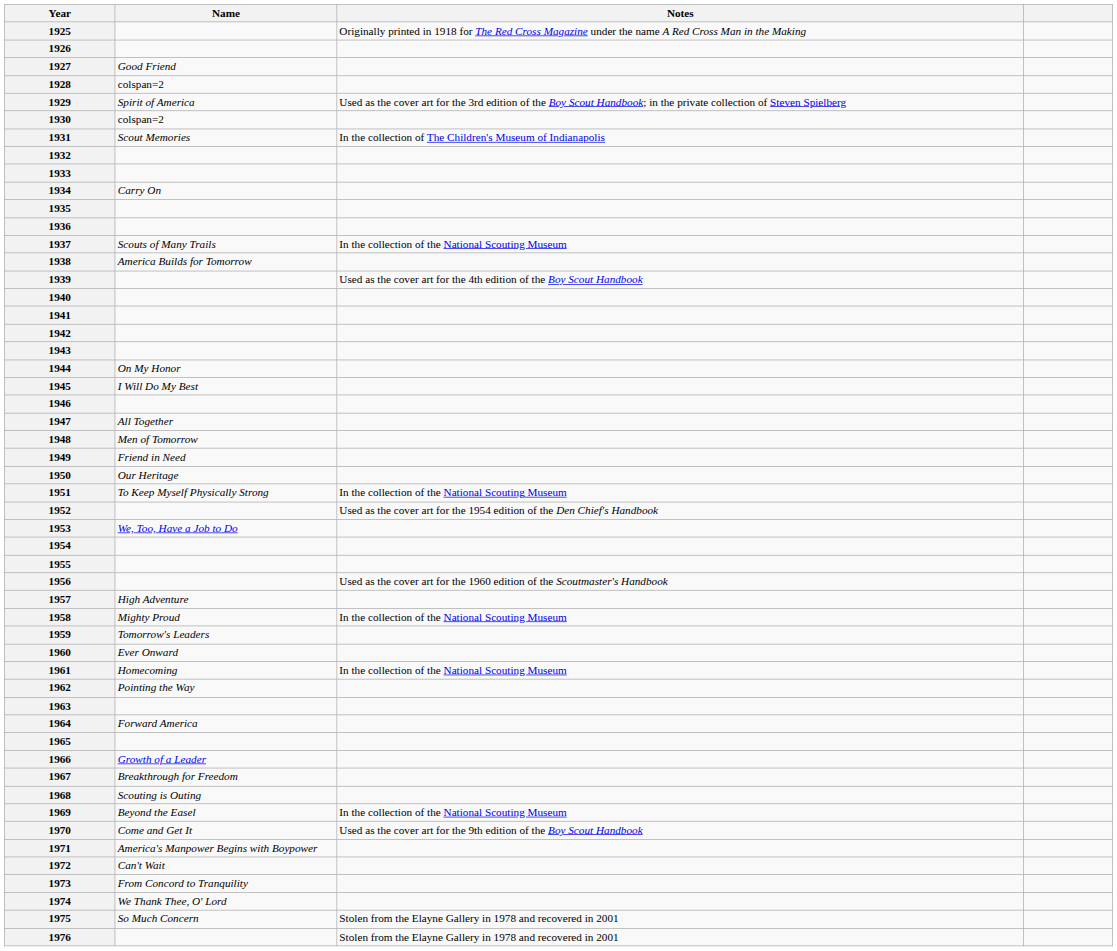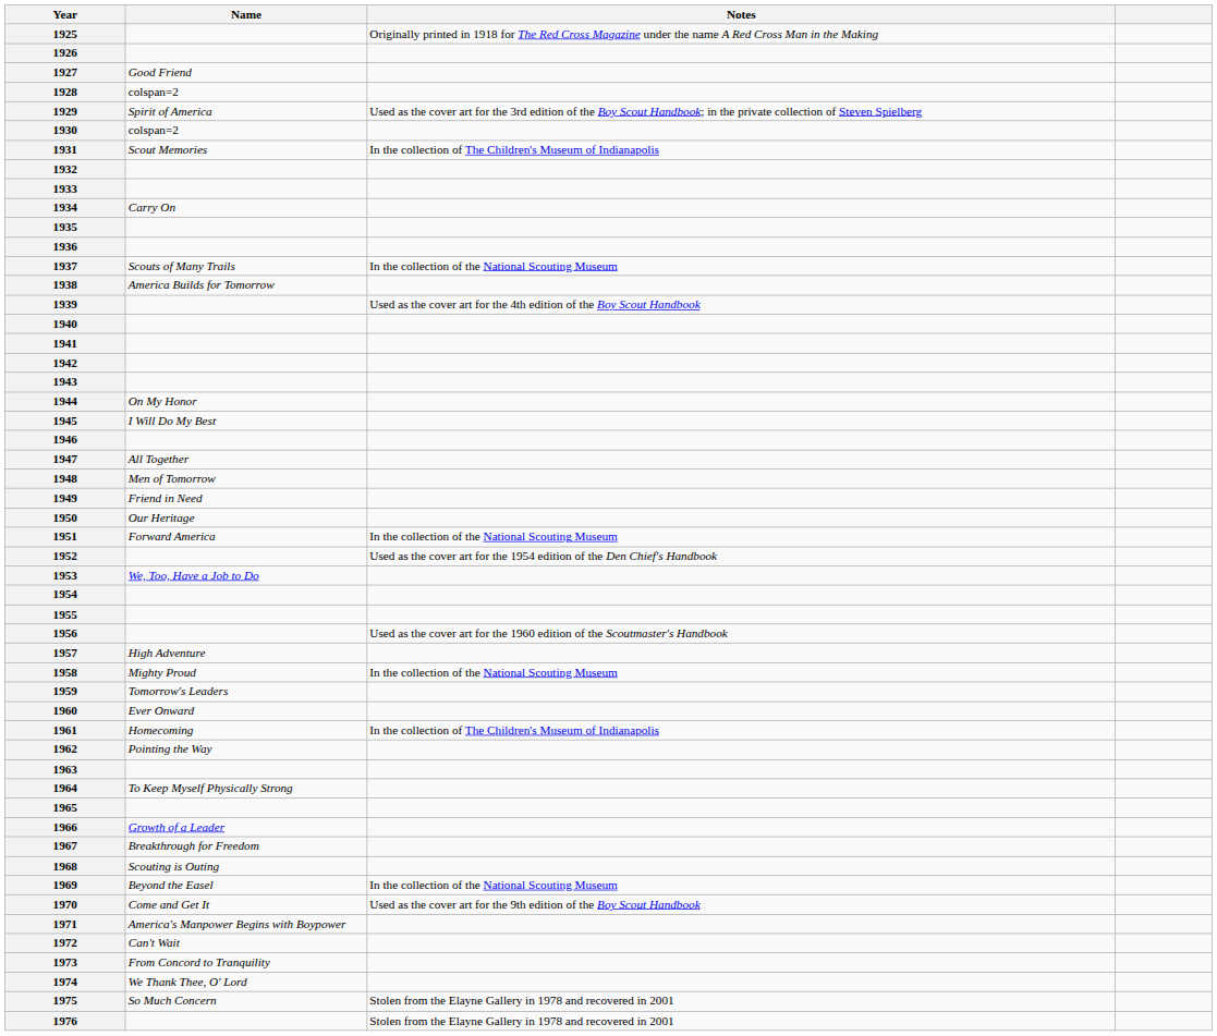 <table class="wikitable sortable" style="width:100%;">
 <tr>
 <th scope="col" style="width:10%;">Year</th>
 <th scope="col" style="width:20%;">Name</th>
 <th scope="col" style="width:*%" class="unsortable">Notes</th>
 <th scope="col" style="width:8%;" class="unsortable"></th>
 </tr>
 <tr>
 <th scope="row" style="text-align:center;" rowspan="1">1925</th>
 <td></td>
 <td>Originally printed in 1918 for <em><a href='#'>The Red Cross Magazine</a></em> under the name <em>A Red Cross Man in the Making</em></td>
 <td style="text-align:center;"></td>
 </tr>
 <tr>
 <th scope="row" style="text-align:center;" rowspan="1">1926</th>
 <td></td>
 <td></td>
 <td style="text-align:center;"></td>
 </tr>
 <tr>
 <th scope="row" style="text-align:center;" rowspan="1">1927</th>
 <td><em>Good Friend</em></td>
 <td></td>
 <td style="text-align:center;"></td>
 </tr>
 <tr>
 <th scope="row" style="text-align:center;" rowspan="1">1928</th>
 <td>colspan=2 </td>
 <td style="text-align:center;"></td>
 </tr>
 <tr>
 <th scope="row" style="text-align:center;" rowspan="1">1929</th>
 <td><em>Spirit of America</em></td>
 <td>Used as the cover art for the 3rd edition of the <em><a href='#'>Boy Scout Handbook</a></em>; in the private collection of <a href='#'>Steven Spielberg</a></td>
 <td style="text-align:center;"></td>
 </tr>
 <tr>
 <th scope="row" style="text-align:center;" rowspan="1">1930</th>
 <td>colspan=2 </td>
 <td style="text-align:center;"></td>
 </tr>
 <tr>
 <th scope="row" style="text-align:center;" rowspan="1">1931</th>
 <td><em>Scout Memories</em></td>
 <td>In the collection of <a href='#'>The Children's Museum of Indianapolis</a></td>
 <td style="text-align:center;"></td>
 </tr>
 <tr>
 <th scope="row" style="text-align:center;" rowspan="1">1932</th>
 <td></td>
 <td></td>
 <td style="text-align:center;"></td>
 </tr>
 <tr>
 <th scope="row" style="text-align:center;" rowspan="1">1933</th>
 <td></td>
 <td></td>
 <td style="text-align:center;"></td>
 </tr>
 <tr>
 <th scope="row" style="text-align:center;" rowspan="1">1934</th>
 <td><em>Carry On</em></td>
 <td></td>
 <td style="text-align:center;"></td>
 </tr>
 <tr>
 <th scope="row" style="text-align:center;" rowspan="1">1935</th>
 <td></td>
 <td></td>
 <td style="text-align:center;"></td>
 </tr>
 <tr>
 <th scope="row" style="text-align:center;" rowspan="1">1936</th>
 <td></td>
 <td></td>
 <td style="text-align:center;"></td>
 </tr>
 <tr>
 <th scope="row" style="text-align:center;" rowspan="1">1937</th>
 <td><em>Scouts of Many Trails</em></td>
 <td>In the collection of the <a href='#'>National Scouting Museum</a></td>
 <td style="text-align:center;"></td>
 </tr>
 <tr>
 <th scope="row" style="text-align:center;" rowspan="1">1938</th>
 <td><em>America Builds for Tomorrow</em></td>
 <td></td>
 <td style="text-align:center;"></td>
 </tr>
 <tr>
 <th scope="row" style="text-align:center;" rowspan="1">1939</th>
 <td></td>
 <td>Used as the cover art for the 4th edition of the <em><a href='#'>Boy Scout Handbook</a></em></td>
 <td style="text-align:center;"></td>
 </tr>
 <tr>
 <th scope="row" style="text-align:center;" rowspan="1">1940</th>
 <td></td>
 <td></td>
 <td style="text-align:center;"></td>
 </tr>
 <tr>
 <th scope="row" style="text-align:center;" rowspan="1">1941</th>
 <td></td>
 <td></td>
 <td style="text-align:center;"></td>
 </tr>
 <tr>
 <th scope="row" style="text-align:center;" rowspan="1">1942</th>
 <td></td>
 <td></td>
 <td style="text-align:center;"></td>
 </tr>
 <tr>
 <th scope="row" style="text-align:center;" rowspan="1">1943</th>
 <td></td>
 <td></td>
 <td style="text-align:center;"></td>
 </tr>
 <tr>
 <th scope="row" style="text-align:center;" rowspan="1">1944</th>
 <td><em>On My Honor</em></td>
 <td></td>
 <td style="text-align:center;"></td>
 </tr>
 <tr>
 <th scope="row" style="text-align:center;" rowspan="1">1945</th>
 <td><em>I Will Do My Best</em></td>
 <td></td>
 <td style="text-align:center;"></td>
 </tr>
 <tr>
 <th scope="row" style="text-align:center;" rowspan="1">1946</th>
 <td></td>
 <td></td>
 <td style="text-align:center;"></td>
 </tr>
 <tr>
 <th scope="row" style="text-align:center;" rowspan="1">1947</th>
 <td><em>All Together</em></td>
 <td></td>
 <td style="text-align:center;"></td>
 </tr>
 <tr>
 <th scope="row" style="text-align:center;" rowspan="1">1948</th>
 <td><em>Men of Tomorrow</em></td>
 <td></td>
 <td style="text-align:center;"></td>
 </tr>
 <tr>
 <th scope="row" style="text-align:center;" rowspan="1">1949</th>
 <td><em>Friend in Need</em></td>
 <td></td>
 <td style="text-align:center;"></td>
 </tr>
 <tr>
 <th scope="row" style="text-align:center;" rowspan="1">1950</th>
 <td><em>Our Heritage</em></td>
 <td></td>
 <td style="text-align:center;"></td>
 </tr>
 <tr>
 <th scope="row" style="text-align:center;" rowspan="1">1951</th>
-<td><em>To Keep Myself Physically Strong</em></td>
+<td><em>Forward America</em></td>
 <td>In the collection of the <a href='#'>National Scouting Museum</a></td>
 <td style="text-align:center;"></td>
 </tr>
 <tr>
 <th scope="row" style="text-align:center;" rowspan="1">1952</th>
 <td></td>
 <td>Used as the cover art for the 1954 edition of the <em>Den Chief's Handbook</em></td>
 <td style="text-align:center;"></td>
 </tr>
 <tr>
 <th scope="row" style="text-align:center;" rowspan="1">1953</th>
 <td><em><a href='#'>We, Too, Have a Job to Do</a></em></td>
 <td></td>
 <td style="text-align:center;"></td>
 </tr>
 <tr>
 <th scope="row" style="text-align:center;" rowspan="1">1954</th>
 <td></td>
 <td></td>
 <td style="text-align:center;"></td>
 </tr>
 <tr>
 <th scope="row" style="text-align:center;" rowspan="1">1955</th>
 <td></td>
 <td></td>
 <td style="text-align:center;"></td>
 </tr>
 <tr>
 <th scope="row" style="text-align:center;" rowspan="1">1956</th>
 <td></td>
 <td>Used as the cover art for the 1960 edition of the <em>Scoutmaster's Handbook</em></td>
 <td style="text-align:center;"></td>
 </tr>
 <tr>
 <th scope="row" style="text-align:center;" rowspan="1">1957</th>
 <td><em>High Adventure</em></td>
 <td></td>
 <td style="text-align:center;"></td>
 </tr>
 <tr>
 <th scope="row" style="text-align:center;" rowspan="1">1958</th>
 <td><em>Mighty Proud</em></td>
 <td>In the collection of the <a href='#'>National Scouting Museum</a></td>
 <td style="text-align:center;"></td>
 </tr>
 <tr>
 <th scope="row" style="text-align:center;" rowspan="1">1959</th>
 <td><em>Tomorrow's Leaders</em></td>
 <td></td>
 <td style="text-align:center;"></td>
 </tr>
 <tr>
 <th scope="row" style="text-align:center;" rowspan="1">1960</th>
 <td><em>Ever Onward</em></td>
 <td></td>
 <td style="text-align:center;"></td>
 </tr>
 <tr>
 <th scope="row" style="text-align:center;" rowspan="1">1961</th>
 <td><em>Homecoming</em></td>
-<td>In the collection of the <a href='#'>National Scouting Museum</a></td>
+<td>In the collection of <a href='#'>The Children's Museum of Indianapolis</a></td>
 <td style="text-align:center;"></td>
 </tr>
 <tr>
 <th scope="row" style="text-align:center;" rowspan="1">1962</th>
 <td><em>Pointing the Way</em></td>
 <td></td>
 <td style="text-align:center;"></td>
 </tr>
 <tr>
 <th scope="row" style="text-align:center;" rowspan="1">1963</th>
 <td></td>
 <td></td>
 <td style="text-align:center;"></td>
 </tr>
 <tr>
 <th scope="row" style="text-align:center;" rowspan="1">1964</th>
-<td><em>Forward America</em></td>
+<td><em>To Keep Myself Physically Strong</em></td>
 <td></td>
 <td style="text-align:center;"></td>
 </tr>
 <tr>
 <th scope="row" style="text-align:center;" rowspan="1">1965</th>
 <td></td>
 <td></td>
 <td style="text-align:center;"></td>
 </tr>
 <tr>
 <th scope="row" style="text-align:center;" rowspan="1">1966</th>
 <td><em><a href='#'>Growth of a Leader</a></em></td>
 <td></td>
 <td style="text-align:center;"></td>
 </tr>
 <tr>
 <th scope="row" style="text-align:center;" rowspan="1">1967</th>
 <td><em>Breakthrough for Freedom</em></td>
 <td></td>
 <td style="text-align:center;"></td>
 </tr>
 <tr>
 <th scope="row" style="text-align:center;" rowspan="1">1968</th>
 <td><em>Scouting is Outing</em></td>
 <td></td>
 <td style="text-align:center;"></td>
 </tr>
 <tr>
 <th scope="row" style="text-align:center;" rowspan="1">1969</th>
 <td><em>Beyond the Easel</em></td>
 <td>In the collection of the <a href='#'>National Scouting Museum</a></td>
 <td style="text-align:center;"></td>
 </tr>
 <tr>
 <th scope="row" style="text-align:center;" rowspan="1">1970</th>
 <td><em>Come and Get It</em></td>
 <td>Used as the cover art for the 9th edition of the <em><a href='#'>Boy Scout Handbook</a></em></td>
 <td style="text-align:center;"></td>
 </tr>
 <tr>
 <th scope="row" style="text-align:center;" rowspan="1">1971</th>
 <td><em>America's Manpower Begins with Boypower</em></td>
 <td></td>
 <td style="text-align:center;"></td>
 </tr>
 <tr>
 <th scope="row" style="text-align:center;" rowspan="1">1972</th>
 <td><em>Can't Wait</em></td>
 <td></td>
 <td style="text-align:center;"></td>
 </tr>
 <tr>
 <th scope="row" style="text-align:center;" rowspan="1">1973</th>
 <td><em>From Concord to Tranquility</em></td>
 <td></td>
 <td style="text-align:center;"></td>
 </tr>
 <tr>
 <th scope="row" style="text-align:center;" rowspan="1">1974</th>
 <td><em>We Thank Thee, O' Lord</em></td>
 <td></td>
 <td style="text-align:center;"></td>
 </tr>
 <tr>
 <th scope="row" style="text-align:center;" rowspan="1">1975</th>
 <td><em>So Much Concern</em></td>
 <td>Stolen from the Elayne Gallery in 1978 and recovered in 2001</td>
 <td style="text-align:center;"></td>
 </tr>
 <tr>
 <th scope="row" style="text-align:center;" rowspan="1">1976</th>
 <td></td>
 <td>Stolen from the Elayne Gallery in 1978 and recovered in 2001</td>
 <td style="text-align:center;"></td>
 </tr>
 </table>
